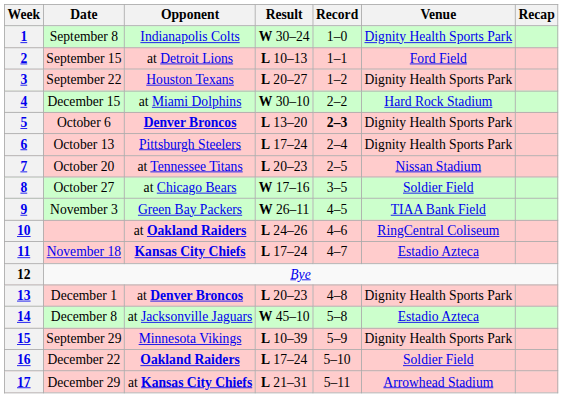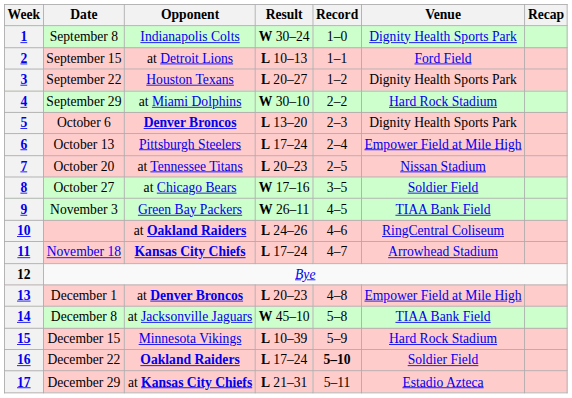 <table class="wikitable" style="text-align:center">
 <tr>
 <th>Week</th>
 <th>Date</th>
 <th>Opponent</th>
 <th>Result</th>
 <th>Record</th>
 <th>Venue</th>
 <th>Recap</th>
 </tr>
 <tr style="background:#cfc">
 <th><a href='#'>1</a></th>
 <td>September 8</td>
 <td><a href='#'>Indianapolis Colts</a></td>
 <td><strong>W</strong> 30–24 </td>
 <td>1–0</td>
 <td><a href='#'>Dignity Health Sports Park</a></td>
 <td></td>
 </tr>
 <tr style="background:#fcc">
 <th><a href='#'>2</a></th>
 <td>September 15</td>
 <td>at <a href='#'>Detroit Lions</a></td>
 <td><strong>L</strong> 10–13</td>
 <td>1–1</td>
 <td><a href='#'>Ford Field</a></td>
 <td></td>
 </tr>
 <tr style="background:#fcc">
 <th><a href='#'>3</a></th>
 <td>September 22</td>
 <td><a href='#'>Houston Texans</a></td>
 <td><strong>L</strong> 20–27</td>
 <td>1–2</td>
 <td>Dignity Health Sports Park</td>
 <td></td>
 </tr>
 <tr style="background:#cfc">
 <th><a href='#'>4</a></th>
-<td>December 15</td>
+<td>September 29</td>
 <td>at <a href='#'>Miami Dolphins</a></td>
 <td><strong>W</strong> 30–10</td>
 <td>2–2</td>
 <td><a href='#'>Hard Rock Stadium</a></td>
 <td></td>
 </tr>
 <tr style="background:#fcc">
 <th><a href='#'>5</a></th>
 <td>October 6</td>
 <td><strong><a href='#'>Denver Broncos</a></strong></td>
 <td><strong>L</strong> 13–20</td>
-<td><strong>2–3</strong></td>
+<td>2–3</td>
 <td>Dignity Health Sports Park</td>
 <td></td>
 </tr>
 <tr style="background:#fcc">
 <th><a href='#'>6</a></th>
 <td>October 13</td>
 <td><a href='#'>Pittsburgh Steelers</a></td>
 <td><strong>L</strong> 17–24</td>
 <td>2–4</td>
-<td>Dignity Health Sports Park</td>
+<td><a href='#'>Empower Field at Mile High</a></td>
 <td></td>
 </tr>
 <tr style="background:#fcc">
 <th><a href='#'>7</a></th>
 <td>October 20</td>
 <td>at <a href='#'>Tennessee Titans</a></td>
 <td><strong>L</strong> 20–23</td>
 <td>2–5</td>
 <td><a href='#'>Nissan Stadium</a></td>
 <td></td>
 </tr>
 <tr style="background:#cfc">
 <th><a href='#'>8</a></th>
 <td>October 27</td>
 <td>at <a href='#'>Chicago Bears</a></td>
 <td><strong>W</strong> 17–16</td>
 <td>3–5</td>
 <td><a href='#'>Soldier Field</a></td>
 <td></td>
 </tr>
 <tr style="background:#cfc">
 <th><a href='#'>9</a></th>
 <td>November 3</td>
 <td><a href='#'>Green Bay Packers</a></td>
 <td><strong>W</strong> 26–11</td>
 <td>4–5</td>
 <td><a href='#'>TIAA Bank Field</a></td>
 <td></td>
 </tr>
 <tr style="background:#fcc">
 <th><a href='#'>10</a></th>
 <td></td>
 <td>at <strong><a href='#'>Oakland Raiders</a></strong></td>
 <td><strong>L</strong> 24–26</td>
 <td>4–6</td>
 <td><a href='#'>RingCentral Coliseum</a></td>
 <td></td>
 </tr>
 <tr style="background:#fcc">
 <th><a href='#'>11</a></th>
 <td><a href='#'>November 18</a></td>
 <td><strong><a href='#'>Kansas City Chiefs</a></strong></td>
 <td><strong>L</strong> 17–24</td>
 <td>4–7</td>
-<td> <a href='#'>Estadio Azteca</a> </td>
+<td><a href='#'>Arrowhead Stadium</a></td>
 <td></td>
 </tr>
 <tr>
 <th>12</th>
 <td colspan="6"><em><a href='#'>Bye</a></em></td>
 </tr>
 <tr style="background:#fcc">
 <th><a href='#'>13</a></th>
 <td>December 1</td>
 <td>at <strong><a href='#'>Denver Broncos</a></strong></td>
 <td><strong>L</strong> 20–23</td>
 <td>4–8</td>
-<td>Dignity Health Sports Park</td>
+<td><a href='#'>Empower Field at Mile High</a></td>
 <td></td>
 </tr>
 <tr style="background:#cfc">
 <th><a href='#'>14</a></th>
 <td>December 8</td>
 <td>at <a href='#'>Jacksonville Jaguars</a></td>
 <td><strong>W</strong> 45–10</td>
 <td>5–8</td>
-<td> <a href='#'>Estadio Azteca</a> </td>
+<td><a href='#'>TIAA Bank Field</a></td>
 <td></td>
 </tr>
 <tr style="background:#fcc">
 <th><a href='#'>15</a></th>
-<td>September 29</td>
+<td>December 15</td>
 <td><a href='#'>Minnesota Vikings</a></td>
 <td><strong>L</strong> 10–39</td>
 <td>5–9</td>
-<td>Dignity Health Sports Park</td>
+<td><a href='#'>Hard Rock Stadium</a></td>
 <td></td>
 </tr>
 <tr style="background:#fcc">
 <th><a href='#'>16</a></th>
 <td>December 22</td>
 <td><strong><a href='#'>Oakland Raiders</a></strong></td>
 <td><strong>L</strong> 17–24</td>
-<td>5–10</td>
+<td><strong>5–10</strong></td>
 <td><a href='#'>Soldier Field</a></td>
 <td></td>
 </tr>
 <tr style="background:#fcc">
 <th><a href='#'>17</a></th>
 <td>December 29</td>
 <td>at <strong><a href='#'>Kansas City Chiefs</a></strong></td>
 <td><strong>L</strong> 21–31</td>
 <td>5–11</td>
-<td><a href='#'>Arrowhead Stadium</a></td>
+<td> <a href='#'>Estadio Azteca</a> </td>
 <td></td>
 </tr>
 </table>
